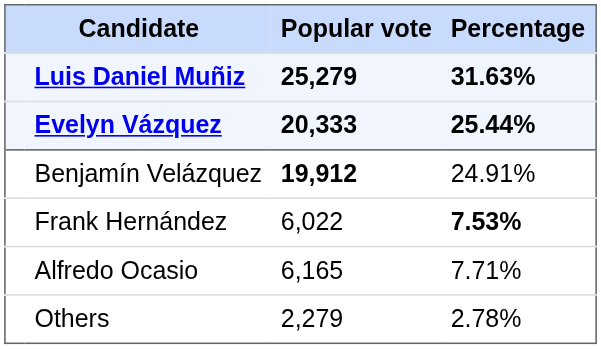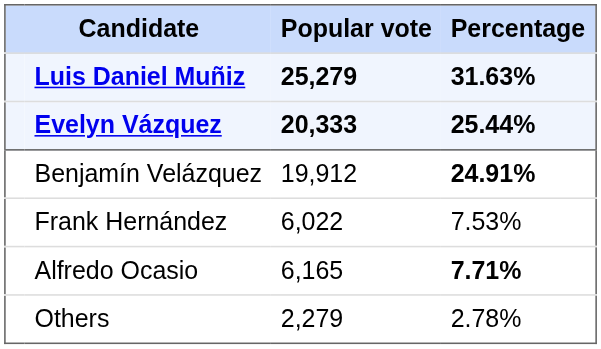 <table style="border: 1px solid #666666; border-collapse: collapse" align="center" cellpadding="6">
 <tr style="background-color: #C9DBFC">
 <th colspan="2">Candidate</th>
 <th>Popular vote</th>
 <th>Percentage</th>
 </tr>
 <tr style="background-color: #F0F5FE">
 <td style="border-top: 1px solid #DDDDDD"></td>
 <td style="border-top: 1px solid #DDDDDD"><strong><a href='#'>Luis Daniel Muñiz</a></strong></td>
 <td style="border-top: 1px solid #DDDDDD"><strong>25,279</strong></td>
 <td style="border-top: 1px solid #DDDDDD"><strong>31.63%</strong></td>
 </tr>
 <tr style="background-color: #F0F5FE">
 <td style="border-top: 1px solid #DDDDDD"></td>
 <td style="border-top: 1px solid #DDDDDD"><strong><a href='#'>Evelyn Vázquez</a></strong></td>
 <td style="border-top: 1px solid #DDDDDD"><strong>20,333</strong></td>
 <td style="border-top: 1px solid #DDDDDD"><strong>25.44%</strong></td>
 </tr>
 <tr>
 <td style="border-top: 1px solid #666666"></td>
 <td style="border-top: 1px solid #666666">Benjamín Velázquez</td>
-<td style="border-top: 1px solid #666666"><strong>19,912</strong></td>
-<td style="border-top: 1px solid #666666">24.91%</td>
+<td style="border-top: 1px solid #666666">19,912</td>
+<td style="border-top: 1px solid #666666"><strong>24.91%</strong></td>
 </tr>
 <tr>
 <td style="border-top: 1px solid #DDDDDD"></td>
 <td style="border-top: 1px solid #DDDDDD">Frank Hernández</td>
 <td style="border-top: 1px solid #DDDDDD">6,022</td>
-<td style="border-top: 1px solid #DDDDDD"><strong>7.53%</strong></td>
+<td style="border-top: 1px solid #DDDDDD">7.53%</td>
 </tr>
 <tr>
 <td style="border-top: 1px solid #DDDDDD"></td>
 <td style="border-top: 1px solid #DDDDDD">Alfredo Ocasio</td>
 <td style="border-top: 1px solid #DDDDDD">6,165</td>
-<td style="border-top: 1px solid #DDDDDD">7.71%</td>
+<td style="border-top: 1px solid #DDDDDD"><strong>7.71%</strong></td>
 </tr>
 <tr>
 <td style="border-top: 1px solid #DDDDDD"></td>
 <td style="border-top: 1px solid #DDDDDD">Others</td>
 <td style="border-top: 1px solid #DDDDDD">2,279</td>
 <td style="border-top: 1px solid #DDDDDD">2.78%</td>
 </tr>
 </table>
